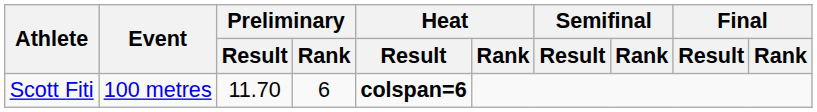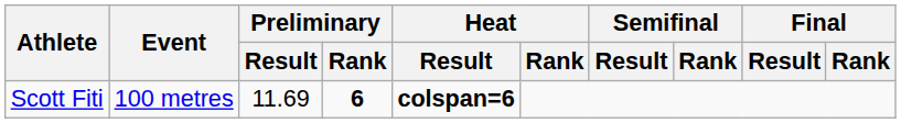 <table class="wikitable">
 <tr>
 <th rowspan="2">Athlete</th>
 <th rowspan="2">Event</th>
 <th colspan="2">Preliminary</th>
 <th colspan="2">Heat</th>
 <th colspan="2">Semifinal</th>
 <th colspan="2">Final</th>
 </tr>
 <tr style>
 <th>Result</th>
 <th>Rank</th>
 <th>Result</th>
 <th>Rank</th>
 <th>Result</th>
 <th>Rank</th>
 <th>Result</th>
 <th>Rank</th>
 </tr>
 <tr align=center>
 <td><a href='#'>Scott Fiti</a></td>
 <td><a href='#'>100 metres</a></td>
-<td>11.70</td>
-<td>6</td>
+<td>11.69</td>
+<td><strong>6</strong></td>
 <td><strong>colspan=6 </strong></td>
 </tr>
 </table>
